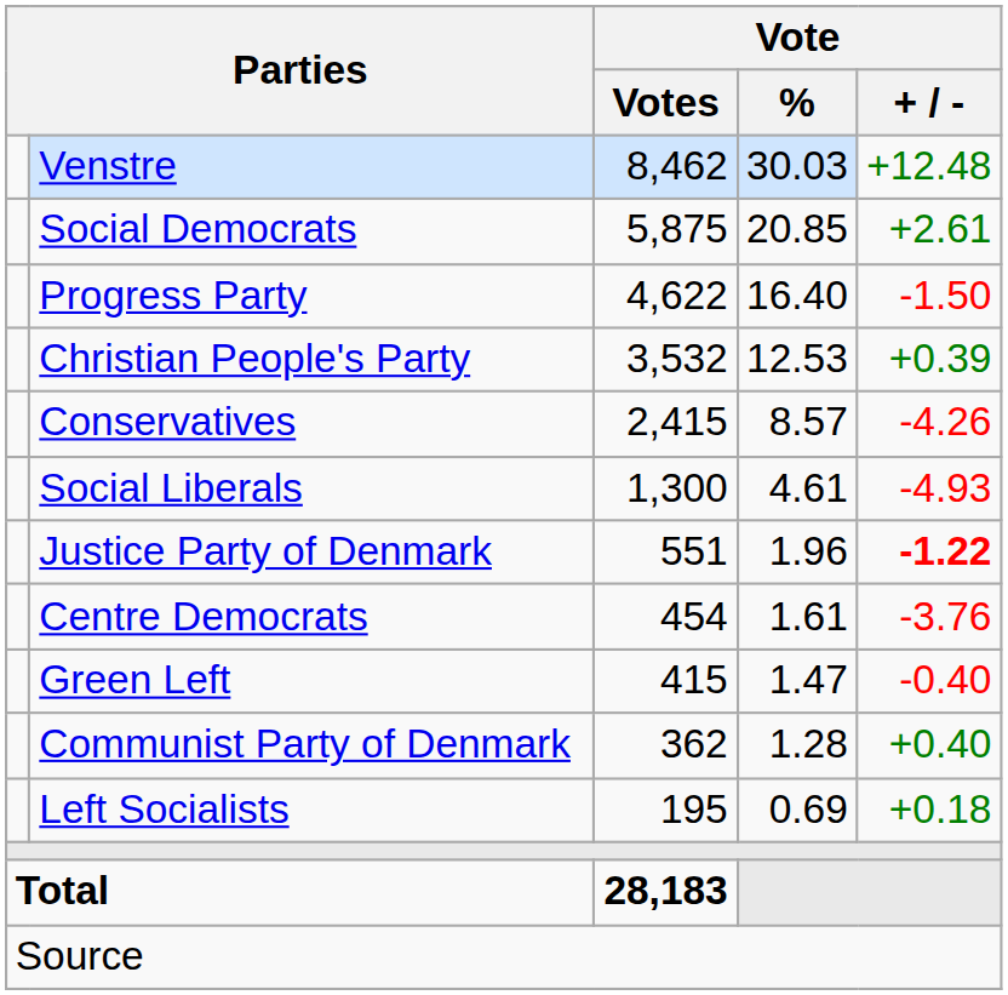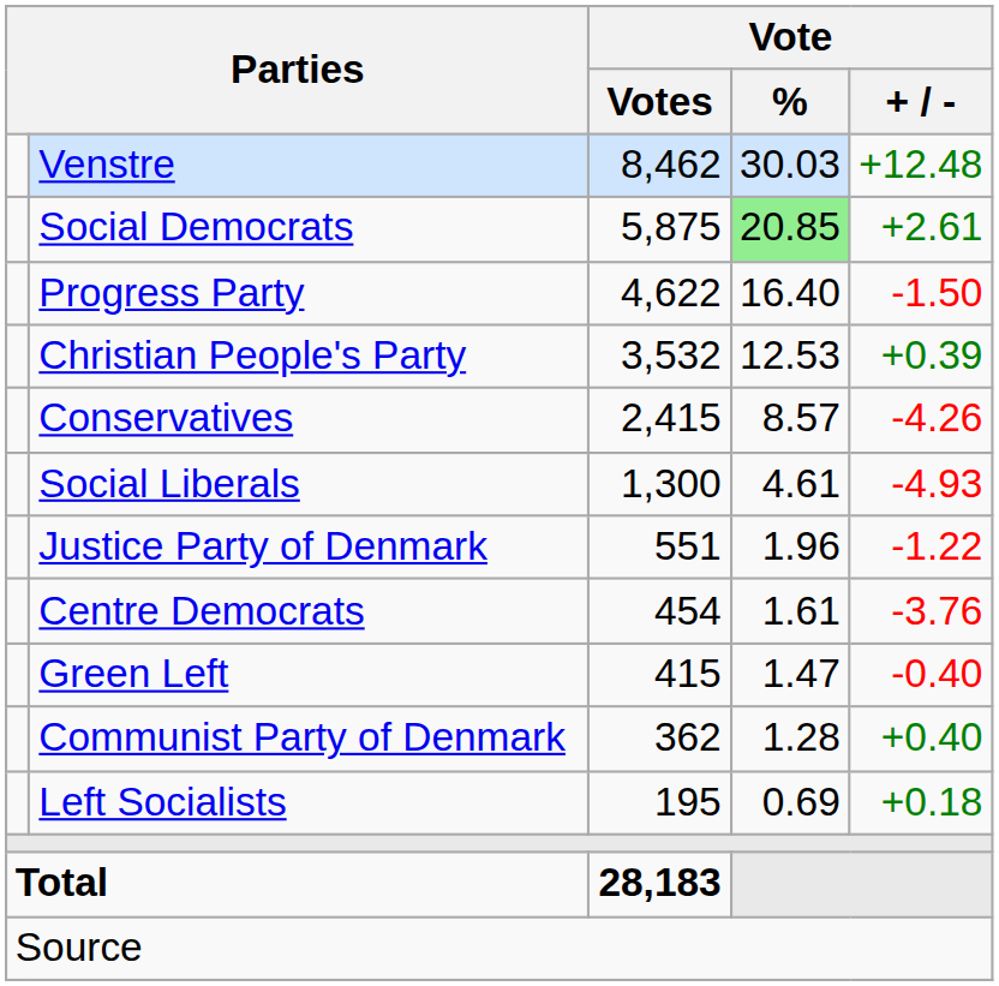 <table class="wikitable" style="text-align:right;">
 <tr>
 <th style="text-align:centre;" rowspan="2" colspan="2" width="225">Parties</th>
 <th colspan="3">Vote</th>
 </tr>
 <tr>
 <th width="15">Votes</th>
 <th width="15">%</th>
 <th width="15">+ / -</th>
 </tr>
 <tr>
 <td width="2" style="color:inherit;background:"></td>
 <td bgcolor=#cfe5fe  align="left"><a href='#'>Venstre</a></td>
 <td bgcolor=#cfe5fe>8,462</td>
 <td bgcolor=#cfe5fe>30.03</td>
 <td style=color:green;>+12.48</td>
 </tr>
 <tr>
 <td width="2" style="color:inherit;background:"></td>
 <td align="left"><a href='#'>Social Democrats</a></td>
 <td>5,875</td>
-<td>20.85</td>
+<td style="background: lightgreen;">20.85</td>
 <td style=color:green;>+2.61</td>
 </tr>
 <tr>
 <td width="2" style="color:inherit;background:"></td>
 <td align="left"><a href='#'>Progress Party</a></td>
 <td>4,622</td>
 <td>16.40</td>
 <td style=color:red;>-1.50</td>
 </tr>
 <tr>
 <td width="2" style="color:inherit;background:"></td>
 <td align="left"><a href='#'>Christian People's Party</a></td>
 <td>3,532</td>
 <td>12.53</td>
 <td style=color:green;>+0.39</td>
 </tr>
 <tr>
 <td width="2" style="color:inherit;background:"></td>
 <td align="left"><a href='#'>Conservatives</a></td>
 <td>2,415</td>
 <td>8.57</td>
 <td style=color:red;>-4.26</td>
 </tr>
 <tr>
 <td width="2" style="color:inherit;background:"></td>
 <td align="left"><a href='#'>Social Liberals</a></td>
 <td>1,300</td>
 <td>4.61</td>
 <td style=color:red;>-4.93</td>
 </tr>
 <tr>
 <td width="2" style="color:inherit;background:"></td>
 <td align="left"><a href='#'>Justice Party of Denmark</a></td>
 <td>551</td>
 <td>1.96</td>
-<td style=color:red;><strong>-1.22</strong></td>
+<td style=color:red;>-1.22</td>
 </tr>
 <tr>
 <td width="2" style="color:inherit;background:"></td>
 <td align="left"><a href='#'>Centre Democrats</a></td>
 <td>454</td>
 <td>1.61</td>
 <td style=color:red;>-3.76</td>
 </tr>
 <tr>
 <td width="2" style="color:inherit;background:"></td>
 <td align="left"><a href='#'>Green Left</a></td>
 <td>415</td>
 <td>1.47</td>
 <td style=color:red;>-0.40</td>
 </tr>
 <tr>
 <td width="2" style="color:inherit;background:"></td>
 <td align="left"><a href='#'>Communist Party of Denmark</a></td>
 <td>362</td>
 <td>1.28</td>
 <td style=color:green;>+0.40</td>
 </tr>
 <tr>
 <td width="2" style="color:inherit;background:"></td>
 <td align="left"><a href='#'>Left Socialists</a></td>
 <td>195</td>
 <td>0.69</td>
 <td style=color:green;>+0.18</td>
 </tr>
 <tr>
 <td colspan="7" bgcolor="#E9E9E9"></td>
 </tr>
 <tr>
 <td align="left" colspan="2"><strong>Total</strong></td>
 <td><strong>28,183</strong></td>
 <td bgcolor="#E9E9E9" colspan="2"></td>
 </tr>
 <tr>
 <td align="left" colspan="6">Source</td>
 </tr>
 </table>
